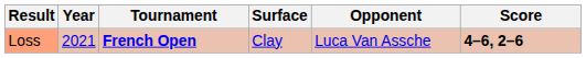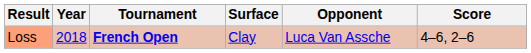 <table class="wikitable">
 <tr>
 <th>Result</th>
 <th>Year</th>
 <th width=150>Tournament</th>
 <th>Surface</th>
 <th width=150>Opponent</th>
 <th width=120 class="unsortable">Score</th>
 </tr>
 <tr style="background:#ebc2af;">
 <td bgcolor="ffa07a">Loss</td>
-<td><a href='#'>2021</a></td>
+<td><a href='#'>2018</a></td>
 <td><strong><a href='#'>French Open</a></strong></td>
 <td><a href='#'>Clay</a></td>
 <td> <a href='#'>Luca Van Assche</a></td>
-<td><strong>4–6, 2–6</strong></td>
+<td>4–6, 2–6</td>
 </tr>
 </table>
